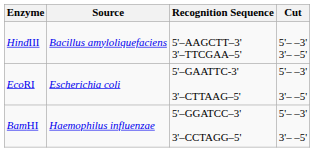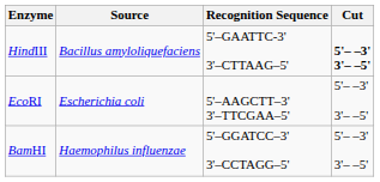 <table class="wikitable floatright">
 <tr>
 <th>Enzyme</th>
 <th>Source</th>
 <th>Recognition Sequence</th>
 <th>Cut</th>
 </tr>
 <tr>
 <td><a href='#'><em>Hind</em>III</a></td>
 <td><em><a href='#'>Bacillus amyloliquefaciens</a></em></td>
-<td><br><div>5'–AAGCTT–3'<br> 3'–TTCGAA–5'</div></td>
-<td><br><div>5'– –3'<br> 3'– –5'</div></td>
+<td><div>5'–GAATTC-3'<br><br>3'–CTTAAG–5'</div></td>
+<td><strong><br><div>5'– –3'<br> 3'– –5'</div></strong></td>
 </tr>
 <tr>
 <td><a href='#'><em>Eco</em>RI</a></td>
 <td><em><a href='#'>Escherichia coli</a></em></td>
-<td><div>5'–GAATTC-3'<br><br>3'–CTTAAG–5'</div></td>
+<td><br><div>5'–AAGCTT–3'<br> 3'–TTCGAA–5'</div></td>
 <td><div>5'– –3'<br><br>3'– –5'</div></td>
 </tr>
 <tr>
 <td><a href='#'><em>Bam</em>HI</a></td>
 <td><em><a href='#'>Haemophilus influenzae</a></em></td>
 <td><div>5'–GGATCC–3'<br><br>3'–CCTAGG–5'</div></td>
 <td><div>5'– –3'<br><br>3'– –5'</div></td>
 </tr>
 </table>
